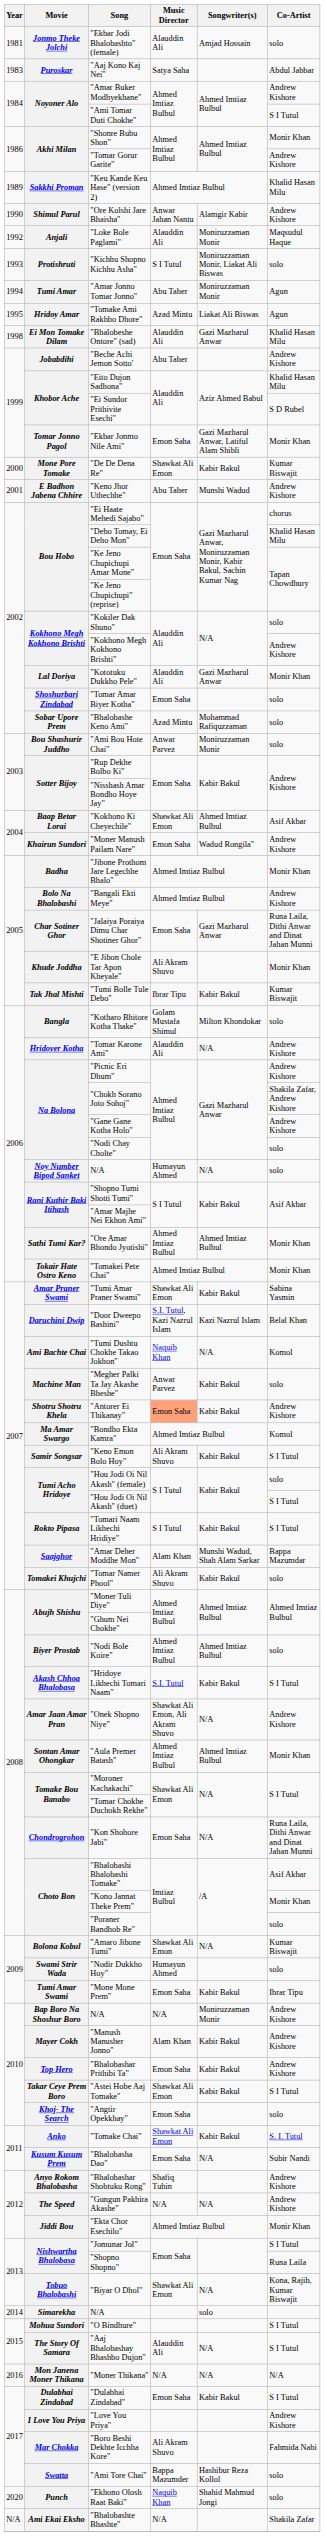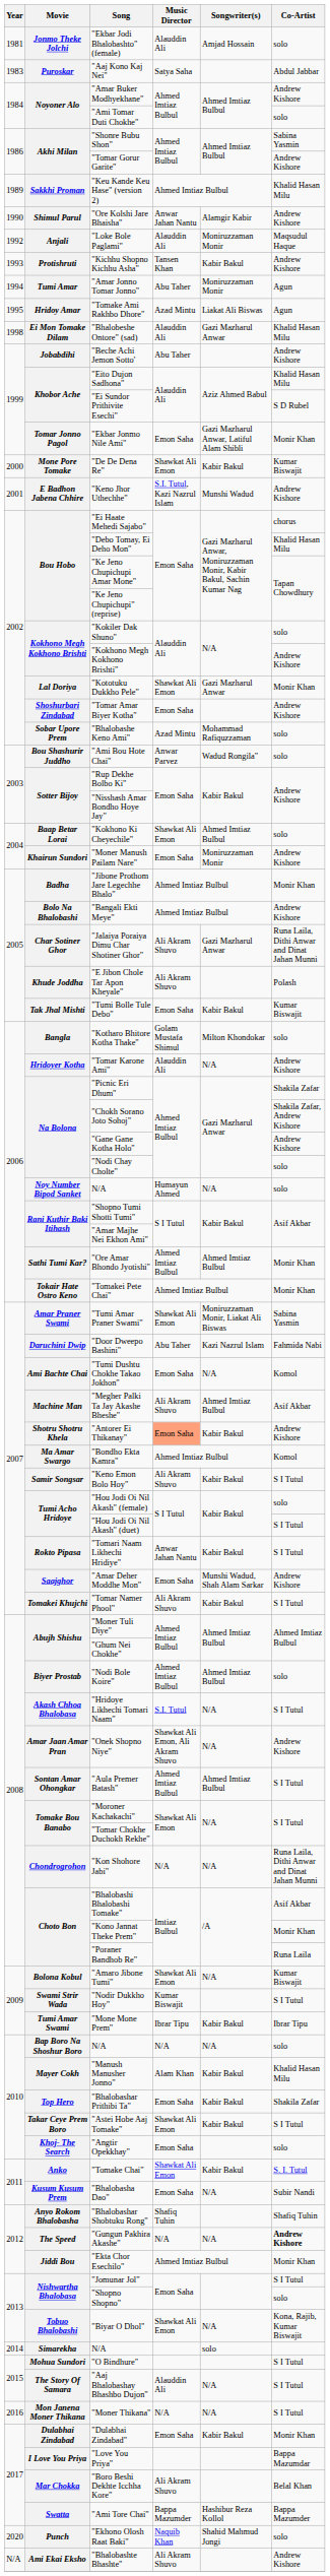 <table class="wikitable">
 <tr>
 <th>Year</th>
 <th>Movie</th>
 <th>Song</th>
 <th>Music Director</th>
 <th>Songwriter(s)</th>
 <th>Co-Artist</th>
 </tr>
 <tr>
 <td>1981</td>
 <th><em><a href='#'>Jonmo Theke Jolchi</a></em></th>
 <td>"Ekbar Jodi Bhalobashto" (female)</td>
 <td>Alauddin Ali</td>
 <td>Amjad Hossain</td>
 <td>solo</td>
 </tr>
 <tr>
 <td>1983</td>
 <th><em><a href='#'>Puroskar</a></em></th>
 <td>"Aaj Kono Kaj Nei"</td>
 <td>Satya Saha</td>
 <td></td>
 <td>Abdul Jabbar</td>
 </tr>
 <tr>
 <td rowspan=2>1984</td>
 <th rowspan=2><em>Noyoner Alo</em></th>
 <td>"Amar Buker Modhyekhane"</td>
 <td rowspan=2>Ahmed Imtiaz Bulbul</td>
 <td rowspan=2>Ahmed Imtiaz Bulbul</td>
 <td>Andrew Kishore</td>
 </tr>
 <tr>
 <td>"Ami Tomar Duti Chokhe"</td>
-<td>S I Tutul</td>
+<td>solo</td>
 </tr>
 <tr>
 <td rowspan=2>1986</td>
 <th rowspan=2><em>Akhi Milan</em></th>
 <td>"Shonre Bubu Shon"</td>
 <td rowspan=2>Ahmed Imtiaz Bulbul</td>
 <td rowspan=2>Ahmed Imtiaz Bulbul</td>
-<td>Monir Khan</td>
+<td>Sabina Yasmin</td>
 </tr>
 <tr>
 <td>"Tomar Gorur Garite"</td>
 <td>Andrew Kishore</td>
 </tr>
 <tr>
 <td>1989</td>
 <th><em><a href='#'>Sakkhi Proman</a></em></th>
 <td>"Keu Kande Keu Hase" (version 2)</td>
 <td colspan=2>Ahmed Imtiaz Bulbul</td>
 <td>Khalid Hasan Milu</td>
 </tr>
 <tr>
 <td>1990</td>
 <th><em>Shimul Parul</em></th>
 <td>"Ore Kolshi Jare Bhaisha"</td>
 <td>Anwar Jahan Nantu</td>
 <td>Alamgir Kabir</td>
 <td>Andrew Kishore</td>
 </tr>
 <tr>
 <td>1992</td>
 <th><em>Anjali</em></th>
 <td>"Loke Bole Paglami"</td>
 <td>Alauddin Ali</td>
 <td>Moniruzzaman Monir</td>
 <td>Maqsudul Haque</td>
 </tr>
 <tr>
 <td>1993</td>
 <th><em>Protishruti</em></th>
 <td>"Kichhu Shopno Kichhu Asha"</td>
-<td>S I Tutul</td>
-<td>Moniruzzaman Monir, Liakat Ali Biswas</td>
-<td>solo</td>
+<td>Tansen Khan</td>
+<td>Kabir Bakul</td>
+<td>Andrew Kishore</td>
 </tr>
 <tr>
 <td>1994</td>
 <th><em>Tumi Amar</em></th>
 <td>"Amar Jonno Tomar Jonno"</td>
 <td>Abu Taher</td>
 <td>Moniruzzaman Monir</td>
 <td>Agun</td>
 </tr>
 <tr>
 <td>1995</td>
 <th><em>Hridoy Amar</em></th>
 <td>"Tomake Ami Rakhbo Dhore"</td>
 <td>Azad Mintu</td>
 <td>Liakat Ali Biswas</td>
 <td>Agun</td>
 </tr>
 <tr>
 <td rowspan=1>1998</td>
 <th><em>Ei Mon Tomake Dilam</em></th>
 <td>"Bhalobeshe Ontore" (sad)</td>
 <td>Alauddin Ali</td>
 <td>Gazi Mazharul Anwar</td>
 <td>Khalid Hasan Milu</td>
 </tr>
 <tr>
 <td rowspan=4>1999</td>
 <th><em>Jobabdihi</em></th>
 <td>"Beche Achi Jemon Sotto'</td>
 <td>Abu Taher</td>
 <td></td>
 <td>Andrew Kishore</td>
 </tr>
 <tr>
 <th rowspan=2><em>Khobor Ache</em></th>
 <td>"Eito Dujon Sadhona"</td>
 <td rowspan=2>Alauddin Ali</td>
 <td rowspan=2>Aziz Ahmed Babul</td>
 <td>Khalid Hasan Milu</td>
 </tr>
 <tr>
 <td>"Ei Sundor Prithivite Esechi"</td>
 <td>S D Rubel</td>
 </tr>
 <tr>
 <th><em>Tomar Jonno Pagol</em></th>
 <td>"Ekbar Jonmo Nile Ami"</td>
 <td>Emon Saha</td>
 <td>Gazi Mazharul Anwar, Latiful Alam Shibli</td>
 <td>Monir Khan</td>
 </tr>
 <tr>
 <td>2000</td>
 <th rowspan=1><em>Mone Pore Tomake</em></th>
 <td>"De De Dena Re"</td>
 <td>Shawkat Ali Emon</td>
 <td>Kabir Bakul</td>
 <td>Kumar Biswajit</td>
 </tr>
 <tr>
 <td>2001</td>
 <th><em>E Badhon Jabena Chhire</em></th>
 <td>"Keno Jhor Uthechhe"</td>
-<td>Abu Taher</td>
+<td><a href='#'>S.I. Tutul</a>, Kazi Nazrul Islam</td>
 <td>Munshi Wadud</td>
 <td>Andrew Kishore</td>
 </tr>
 <tr>
 <td rowspan=9>2002</td>
 <th rowspan=4><em>Bou Hobo</em></th>
 <td>"Ei Haate Mehedi Sajabo"</td>
 <td rowspan=4>Emon Saha</td>
 <td rowspan=4>Gazi Mazharul Anwar, Moniruzzaman Monir, Kabir Bakul, Sachin Kumar Nag</td>
 <td>chorus</td>
 </tr>
 <tr>
 <td>"Debo Tomay, Ei Deho Mon"</td>
 <td>Khalid Hasan Milu</td>
 </tr>
 <tr>
 <td>"Ke Jeno Chupichupi Amar Mone"</td>
 <td rowspan=2>Tapan Chowdhury</td>
 </tr>
 <tr>
 <td>"Ke Jeno Chupichupi" (reprise)</td>
 </tr>
 <tr>
 <th Rowspan=2><em><a href='#'>Kokhono Megh Kokhono Brishti</a></em></th>
 <td>"Kokiler Dak Shuno"</td>
 <td rowspan=2>Alauddin Ali</td>
 <td rowspan=2>N/A</td>
 <td>solo</td>
 </tr>
 <tr>
 <td>"Kokhono Megh Kokhono Brishti"</td>
 <td>Andrew Kishore</td>
 </tr>
 <tr>
 <th rowspan=1><em>Lal Doriya</em></th>
 <td>"Kototuku Dukkho Pele"</td>
-<td rowspan=1>Alauddin Ali</td>
+<td>Shawkat Ali Emon</td>
 <td rowspan=1>Gazi Mazharul Anwar</td>
 <td>Monir Khan</td>
 </tr>
 <tr>
 <th><em><a href='#'>Shoshurbari Zindabad</a></em></th>
 <td>"Tomar Amar Biyer Kotha"</td>
 <td>Emon Saha</td>
 <td></td>
-<td>solo</td>
+<td>Andrew Kishore</td>
 </tr>
 <tr>
 <th><em>Sobar Upore Prem</em></th>
 <td>"Bhalobashe Keno Ami"</td>
 <td>Azad Mintu</td>
 <td>Mohammad Rafiquzzaman</td>
 <td>solo</td>
 </tr>
 <tr>
 <td rowspan=3>2003</td>
 <th><em>Bou Shashurir Juddho</em></th>
 <td>"Ami Bou Hote Chai"</td>
 <td>Anwar Parvez</td>
-<td>Moniruzzaman Monir</td>
+<td>Wadud Rongila"</td>
 <td>solo</td>
 </tr>
 <tr>
 <th rowspan=2><em>Sotter Bijoy</em></th>
 <td>"Rup Dekhe Bolbo Ki"</td>
 <td rowspan=2>Emon Saha</td>
 <td rowspan=2>Kabir Bakul</td>
 <td rowspan=2>Andrew Kishore</td>
 </tr>
 <tr>
 <td>"Nisshash Amar Bondho Hoye Jay"</td>
 </tr>
 <tr>
 <td rowspan=2>2004</td>
 <th><em>Baap Betar Lorai</em></th>
 <td>"Kokhono Ki Cheyechile"</td>
 <td>Shawkat Ali Emon</td>
 <td>Ahmed Imtiaz Bulbul</td>
-<td>Asif Akbar</td>
+<td>solo</td>
 </tr>
 <tr>
 <th><em>Khairun Sundori</em></th>
 <td>"Moner Manush Pailam Nare"</td>
 <td>Emon Saha</td>
-<td>Wadud Rongila"</td>
+<td>Moniruzzaman Monir</td>
 <td>Andrew Kishore</td>
 </tr>
 <tr>
 <td rowspan=5>2005</td>
 <th><em>Badha</em></th>
 <td>"Jibone Prothom Jare Legechhe Bhalo"</td>
 <td colspan=2>Ahmed Imtiaz Bulbul</td>
 <td>Monir Khan</td>
 </tr>
 <tr>
 <th><em>Bolo Na Bhalobashi</em></th>
 <td>"Bangali Ekti Meye"</td>
 <td colspan=2>Ahmed Imtiaz Bulbul</td>
 <td>Andrew Kishore</td>
 </tr>
 <tr>
 <th><em>Char Sotiner Ghor</em></th>
 <td>"Jalaiya Poraiya Dimu Char Shotiner Ghor"</td>
-<td>Emon Saha</td>
+<td>Ali Akram Shuvo</td>
 <td>Gazi Mazharul Anwar</td>
 <td>Runa Laila, Dithi Anwar and Dinat Jahan Munni</td>
 </tr>
 <tr>
 <th><em>Khude Joddha</em></th>
 <td>"E Jibon Chole Tar Apon Kheyale"</td>
 <td>Ali Akram Shuvo</td>
 <td></td>
-<td>Monir Khan</td>
+<td>Polash</td>
 </tr>
 <tr>
 <th><em>Tak Jhal Mishti</em></th>
 <td>"Tumi Bolle Tule Debo"</td>
-<td>Ibrar Tipu</td>
+<td>Emon Saha</td>
 <td>Kabir Bakul</td>
 <td>Kumar Biswajit</td>
 </tr>
 <tr>
 <td rowspan=11>2006</td>
 <th><em>Bangla</em></th>
 <td>"Kotharo Bhitore Kotha Thake"</td>
 <td>Golam Mustafa Shimul</td>
 <td>Milton Khondokar</td>
 <td>solo</td>
 </tr>
 <tr>
 <th><em><a href='#'>Hridoyer Kotha</a></em></th>
 <td>"Tomar Karone Ami"</td>
 <td>Alauddin Ali</td>
 <td>N/A</td>
 <td>Andrew Kishore</td>
 </tr>
 <tr>
 <th rowspan=4><em><a href='#'>Na Bolona</a></em></th>
 <td>"Picnic Eri Dhum"</td>
 <td rowspan=4>Ahmed Imtiaz Bulbul</td>
 <td rowspan=4>Gazi Mazharul Anwar</td>
-<td>Andrew Kishore</td>
+<td>Shakila Zafar</td>
 </tr>
 <tr>
 <td>"Chokh Sorano Joto Sohoj"</td>
 <td>Shakila Zafar, Andrew Kishore</td>
 </tr>
 <tr>
 <td>"Gane Gane Kotha Holo"</td>
 <td>Andrew Kishore</td>
 </tr>
 <tr>
 <td>"Nodi Chay Cholte"</td>
 <td>solo</td>
 </tr>
 <tr>
 <th><em><a href='#'>Noy Number Bipod Sanket</a></em></th>
 <td>N/A</td>
 <td>Humayun Ahmed</td>
 <td>N/A</td>
 <td>solo</td>
 </tr>
 <tr>
 <th rowspan=2><em><a href='#'>Rani Kuthir Baki Itihash</a></em></th>
 <td>"Shopno Tumi Shotti Tumi"</td>
 <td rowspan=2>S I Tutul</td>
 <td rowspan=2>Kabir Bakul</td>
 <td rowspan=2>Asif Akbar</td>
 </tr>
 <tr>
 <td>"Amar Majhe Nei Ekhon Ami"</td>
 </tr>
 <tr>
 <th><em>Sathi Tumi Kar?</em></th>
 <td>"Ore Amar Bhondo Jyotishi"</td>
 <td>Ahmed Imtiaz Bulbul</td>
 <td>Ahmed Imtiaz Bulbul</td>
 <td>Monir Khan</td>
 </tr>
 <tr>
 <th><em>Tokair Hate Ostro Keno</em></th>
 <td>"Tomakei Pete Chai"</td>
 <td colspan=2>Ahmed Imtiaz Bulbul</td>
 <td>Monir Khan</td>
 </tr>
 <tr>
 <td rowspan=12>2007</td>
 <th><em><a href='#'>Amar Praner Swami</a></em></th>
 <td>"Tumi Amar Praner Swami"</td>
 <td>Shawkat Ali Emon</td>
-<td>Kabir Bakul</td>
+<td>Moniruzzaman Monir, Liakat Ali Biswas</td>
 <td>Sabina Yasmin</td>
 </tr>
 <tr>
 <th><em><a href='#'>Daruchini Dwip</a></em></th>
 <td>"Door Dweepo Bashini"</td>
-<td><a href='#'>S.I. Tutul</a>, Kazi Nazrul Islam</td>
+<td>Abu Taher</td>
 <td>Kazi Nazrul Islam</td>
-<td>Belal Khan</td>
+<td>Fahmida Nabi</td>
 </tr>
 <tr>
 <th><em>Ami Bachte Chai</em></th>
 <td>"Tumi Dushtu Chokhe Takao Jokhon"</td>
-<td><a href='#'>Naquib Khan</a></td>
+<td>Emon Saha</td>
 <td>N/A</td>
 <td>Komol</td>
 </tr>
 <tr>
 <th><em>Machine Man</em></th>
 <td>"Megher Palki Ta Jay Akashe Bheshe"</td>
-<td>Anwar Parvez</td>
-<td>Kabir Bakul</td>
-<td>solo</td>
+<td>Ali Akram Shuvo</td>
+<td>Ahmed Imtiaz Bulbul</td>
+<td>Asif Akbar</td>
 </tr>
 <tr>
 <th><em>Shotru Shotru Khela</em></th>
 <td>"Antorer Ei Thikanay"</td>
 <td style="background: lightsalmon;">Emon Saha</td>
 <td>Kabir Bakul</td>
 <td>Andrew Kishore</td>
 </tr>
 <tr>
 <th><em>Ma Amar Swargo</em></th>
 <td>"Bondho Ekta Kamra"</td>
 <td colspan=2>Ahmed Imtiaz Bulbul</td>
 <td>Komol</td>
 </tr>
 <tr>
 <th><em>Samir Songsar</em></th>
 <td>"Keno Emon Bolo Hoy"</td>
 <td>Ali Akram Shuvo</td>
 <td>Kabir Bakul</td>
 <td>S I Tutul</td>
 </tr>
 <tr>
 <th rowspan=2><em>Tumi Acho Hridoye</em></th>
 <td>"Hou Jodi Oi Nil Akash" (female)</td>
 <td rowspan=2>S I Tutul</td>
 <td rowspan=2>Kabir Bakul</td>
 <td>solo</td>
 </tr>
 <tr>
 <td>"Hou Jodi Oi Nil Akash" (duet)</td>
 <td>S I Tutul</td>
 </tr>
 <tr>
 <th><em>Rokto Pipasa</em></th>
 <td>"Tomari Naam Likhechi Hridiye"</td>
-<td>S I Tutul</td>
+<td>Anwar Jahan Nantu</td>
 <td>Kabir Bakul</td>
 <td>S I Tutul</td>
 </tr>
 <tr>
 <th><em><a href='#'>Saajghor</a></em></th>
 <td>"Amar Deher Moddhe Mon"</td>
-<td>Alam Khan</td>
+<td>Emon Saha</td>
 <td>Munshi Wadud, Shah Alam Sarkar</td>
-<td>Bappa Mazumdar</td>
+<td>Andrew Kishore</td>
 </tr>
 <tr>
 <th><em>Tomakei Khujchi</em></th>
 <td>"Tomar Namer Phool"</td>
 <td>Ali Akram Shuvo</td>
 <td>Kabir Bakul</td>
-<td>solo</td>
+<td>S I Tutul</td>
 </tr>
 <tr>
 <td rowspan=12>2008</td>
 <th Rowspan=2><em>Abujh Shishu</em></th>
 <td>"Moner Tuli Diye"</td>
 <td rowspan=2>Ahmed Imtiaz Bulbul</td>
 <td rowspan=2>Ahmed Imtiaz Bulbul</td>
 <td rowspan=2>Ahmed Imtiaz Bulbul</td>
 </tr>
 <tr>
 <td>"Ghum Nei Chokhe"</td>
 </tr>
 <tr>
 <th><em>Biyer Prostab</em></th>
 <td>"Nodi Bole Koire"</td>
 <td>Ahmed Imtiaz Bulbul</td>
 <td>Ahmed Imtiaz Bulbul</td>
 <td>solo</td>
 </tr>
 <tr>
 <th><em><a href='#'>Akash Chhoa Bhalobasa</a></em></th>
 <td>"Hridoye Likhechi Tomari Naam"</td>
 <td><a href='#'>S.I. Tutul</a></td>
-<td>Kabir Bakul</td>
+<td>N/A</td>
 <td>S I Tutul</td>
 </tr>
 <tr>
 <th><em>Amar Jaan Amar Pran</em></th>
 <td>"Onek Shopno Niye"</td>
 <td>Shawkat Ali Emon, Ali Akram Shuvo</td>
 <td>N/A</td>
 <td>Andrew Kishore</td>
 </tr>
 <tr>
 <th><em>Sontan Amar Ohongkar</em></th>
 <td>"Aula Premer Batash"</td>
 <td>Ahmed Imtiaz Bulbul</td>
 <td>Ahmed Imtiaz Bulbul</td>
-<td>Monir Khan</td>
+<td>S I Tutul</td>
 </tr>
 <tr>
 <th rowspan=2><em>Tomake Bou Banabo</em></th>
 <td>"Moroner Kachakachi"</td>
 <td rowspan=2>Shawkat Ali Emon</td>
 <td rowspan=2>N/A</td>
 <td rowspan=2>S I Tutul</td>
 </tr>
 <tr>
 <td>"Tomar Chokhe Duchokh Rekhe"</td>
 </tr>
 <tr>
 <th><em><a href='#'>Chondrogrohon</a></em></th>
 <td>"Kon Shohore Jabi"</td>
-<td>Emon Saha</td>
+<td>N/A</td>
 <td>N/A</td>
 <td>Runa Laila, Dithi Anwar and Dinat Jahan Munni</td>
 </tr>
 <tr>
 <th rowspan=3><em>Choto Bon</em></th>
 <td>"Bhalobashi Bhalobashi Tomake"</td>
 <td rowspan=3>Imtiaz Bulbul</td>
 <td rowspan=3>/A</td>
 <td>Asif Akbar</td>
 </tr>
 <tr>
 <td>"Kono Jannat Theke Prem"</td>
 <td>Monir Khan</td>
 </tr>
 <tr>
 <td>"Poraner Bandhob Re"</td>
-<td>solo</td>
+<td>Runa Laila</td>
 </tr>
 <tr>
 <td rowspan=3>2009</td>
 <th><em>Bolona Kobul</em></th>
 <td>"Amaro Jibone Tumi"</td>
 <td>Shawkat Ali Emon</td>
 <td>N/A</td>
 <td>Kumar Biswajit</td>
 </tr>
 <tr>
 <th><em>Swami Strir Wada</em></th>
 <td>"Nodir Dukkho Hoy"</td>
-<td>Humayun Ahmed</td>
+<td>Kumar Biswajit</td>
 <td></td>
-<td>solo</td>
+<td>S I Tutul</td>
 </tr>
 <tr>
 <th><em>Tumi Amar Swami</em></th>
 <td>"Mone Mone Prem"</td>
-<td>Emon Saha</td>
+<td>Ibrar Tipu</td>
 <td>Kabir Bakul</td>
 <td>Ibrar Tipu</td>
 </tr>
 <tr>
 <td rowspan=5>2010</td>
 <th><em>Bap Boro Na Shoshur Boro</em></th>
 <td>N/A</td>
 <td>N/A</td>
-<td>Moniruzzaman Monir</td>
-<td>Andrew Kishore</td>
+<td>N/A</td>
+<td>solo</td>
 </tr>
 <tr>
 <th><em>Mayer Cokh</em></th>
 <td>"Manush Manusher Jonno"</td>
 <td>Alam Khan</td>
 <td>Kabir Bakul</td>
-<td>Andrew Kishore</td>
+<td>Khalid Hasan Milu</td>
 </tr>
 <tr>
 <th><em><a href='#'>Top Hero</a></em></th>
 <td>"Bhalobashar Prithibi Ta"</td>
 <td>Emon Saha</td>
 <td>Kabir Bakul</td>
-<td>Andrew Kishore</td>
+<td>Shakila Zafar</td>
 </tr>
 <tr>
 <th><em>Takar Ceye Prem Boro</em></th>
 <td>"Astei Hobe Aaj Tomake"</td>
 <td>Shawkat Ali Emon</td>
 <td>Kabir Bakul</td>
 <td>S I Tutul</td>
 </tr>
 <tr>
 <th><em><a href='#'>Khoj- The Search</a></em></th>
 <td>"Angtir Opekkhay"</td>
 <td>Emon Saha</td>
 <td></td>
 <td>solo</td>
 </tr>
 <tr>
 <td rowspan=2>2011</td>
 <th><em><a href='#'>Anko</a></em></th>
 <td>"Tomake Chai"</td>
 <td><a href='#'>Shawkat Ali Emon</a></td>
 <td>Kabir Bakul</td>
 <td><a href='#'>S. I. Tutul</a></td>
 </tr>
 <tr>
 <th><em><a href='#'>Kusum Kusum Prem</a></em></th>
 <td>"Bhalobasha Dao"</td>
 <td>Emon Saha</td>
 <td>N/A</td>
 <td>Subir Nandi</td>
 </tr>
 <tr>
 <td rowspan=3>2012</td>
 <th><em>Anyo Rokom Bhalobasha</em></th>
 <td>"Bhalobashar Shobtuku Rong"</td>
 <td>Shafiq Tuhin</td>
 <td></td>
-<td>Andrew Kishore</td>
+<td>Shafiq Tuhin</td>
 </tr>
 <tr>
 <th><em>The Speed</em></th>
 <td>"Gungun Pakhira Akashe"</td>
 <td>N/A</td>
 <td>N/A</td>
-<td>Andrew Kishore</td>
+<td><strong>Andrew Kishore</strong></td>
 </tr>
 <tr>
 <th><em>Jiddi Bou</em></th>
 <td>"Ekta Chor Esechilo"</td>
 <td colspan=2>Ahmed Imtiaz Bulbul</td>
 <td>Monir Khan</td>
 </tr>
 <tr>
 <td rowspan=3>2013</td>
 <th rowspan=2><em><a href='#'>Nishwartha Bhalobasa</a></em></th>
 <td>"Jomunar Jol"</td>
 <td rowspan=2>Emon Saha</td>
 <td rowspan=2></td>
 <td>S I Tutul</td>
 </tr>
 <tr>
 <td>"Shopno Shopno"</td>
-<td>Runa Laila</td>
+<td>solo</td>
 </tr>
 <tr>
 <th><em><a href='#'>Tobuo Bhalobashi</a></em></th>
 <td>"Biyar O Dhol"</td>
 <td>Shawkat Ali Emon</td>
 <td>N/A</td>
 <td>Kona, Rajib, Kumar Biswajit</td>
 </tr>
 <tr>
 <td>2014</td>
 <th><em>Simarekha</em></th>
 <td>N/A</td>
 <td></td>
 <td>solo</td>
 </tr>
 <tr>
 <td rowspan=2>2015</td>
 <th><em>Mohua Sundori</em></th>
 <td>"O Bindhure"</td>
 <td></td>
 <td></td>
 <td>S I Tutul</td>
 </tr>
 <tr>
 <th><em>The Story Of Samara</em></th>
 <td>"Aaj Bhalobashay Bhashbo Dujon"</td>
 <td>Alauddin Ali</td>
 <td>N/A</td>
 <td>S I Tutul</td>
 </tr>
 <tr>
 <td>2016</td>
 <th><em>Mon Janena Moner Thikana</em></th>
 <td>"Moner Thikana"</td>
 <td>N/A</td>
 <td>N/A</td>
-<td>N/A</td>
+<td>S I Tutul</td>
 </tr>
 <tr>
 <td rowspan=4>2017</td>
 <th><em>Dulabhai Zindabad</em></th>
 <td>"Dulabhai Zindabad"</td>
 <td>Emon Saha</td>
 <td>Kabir Bakul</td>
-<td>S I Tutul</td>
+<td>Monir Khan</td>
 </tr>
 <tr>
 <th><em>I Love You Priya</em></th>
 <td>"Love You Priya"</td>
 <td></td>
 <td></td>
-<td>Andrew Kishore</td>
+<td>Bappa Mazumdar</td>
 </tr>
 <tr>
 <th><em><a href='#'>Mar Chokka</a></em></th>
 <td>"Boro Beshi Dekhte Icchha Kore"</td>
 <td>Ali Akram Shuvo</td>
 <td></td>
-<td>Fahmida Nabi</td>
+<td>Belal Khan</td>
 </tr>
 <tr>
 <th><em><a href='#'>Swatta</a></em></th>
 <td>"Ami Tore Chai"</td>
 <td>Bappa Mazumder</td>
 <td>Hashibur Reza Kollol</td>
-<td>solo</td>
+<td>Bappa Mazumder</td>
 </tr>
 <tr>
 <td>2020</td>
 <th><em>Punch</em></th>
 <td>"Ekhono Olosh Raat Baki"</td>
 <td><a href='#'>Naquib Khan</a></td>
 <td>Shahid Mahmud Jongi</td>
 <td>solo</td>
 </tr>
 <tr>
 <td>N/A</td>
 <th><em>Ami Ekai Eksho</em></th>
 <td>"Bhalobashte Bhashte"</td>
-<td>N/A</td>
+<td>Ali Akram Shuvo</td>
 <td></td>
-<td>Shakila Zafar</td>
+<td>Andrew Kishore</td>
 </tr>
 <tr>
 </tr>
 </table>
